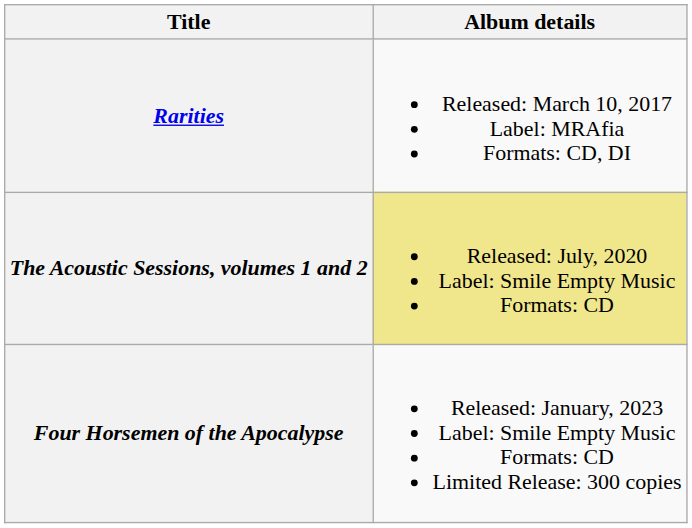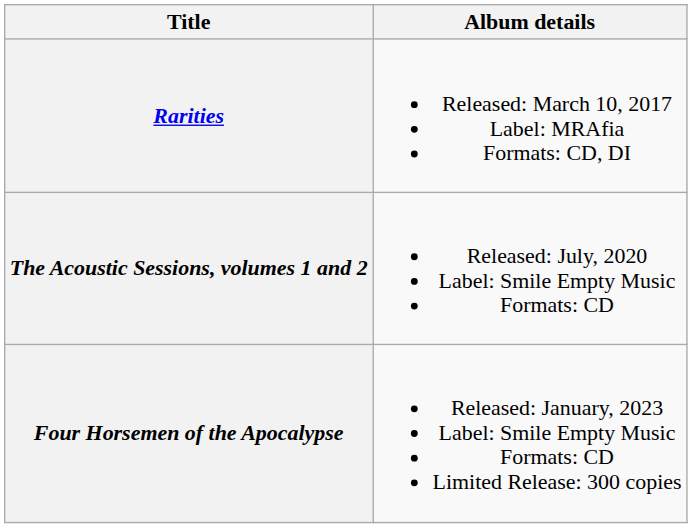 <table class="wikitable plainrowheaders" style="text-align:center;">
 <tr>
 <th scope="col">Title</th>
 <th scope="col">Album details</th>
 </tr>
 <tr>
 <th scope="row"><em><a href='#'>Rarities</a></em></th>
 <td><br><ul><li>Released: March 10, 2017</li><li>Label: MRAfia</li><li>Formats: CD, DI</li></ul></td>
 </tr>
 <tr>
 <th scope="row"><em> The Acoustic Sessions, volumes 1 and 2 </em></th>
-<td style="background: khaki;"><br><ul><li>Released: July, 2020</li><li>Label: Smile Empty Music</li><li>Formats: CD</li></ul></td>
+<td><br><ul><li>Released: July, 2020</li><li>Label: Smile Empty Music</li><li>Formats: CD</li></ul></td>
 </tr>
 <tr>
 <th scope="row"><em> Four Horsemen of the Apocalypse </em></th>
 <td><br><ul><li>Released: January, 2023</li><li>Label: Smile Empty Music</li><li>Formats: CD</li><li>Limited Release: 300 copies</li></ul></td>
 </tr>
 </table>
